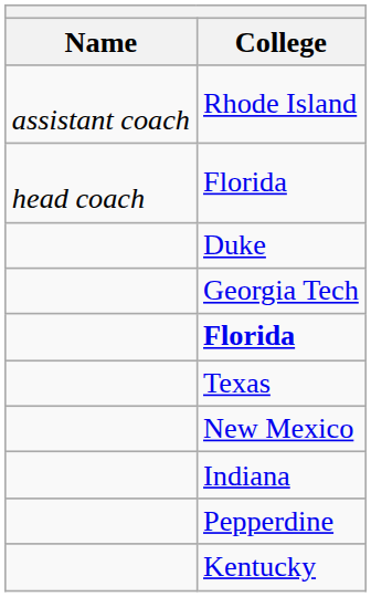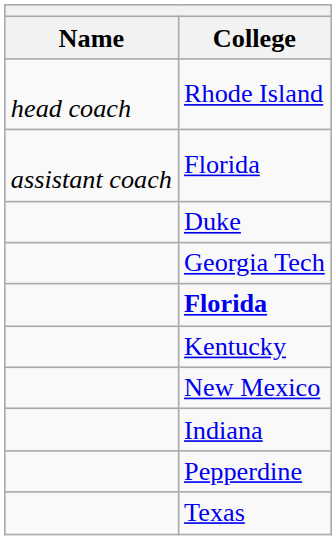 <table class="wikitable sortable">
 <tr>
 <th colspan=2></th>
 </tr>
 <tr>
 <th>Name</th>
 <th>College</th>
 </tr>
 <tr>
-<td><br><em>assistant coach</em></td>
+<td><br><em>head coach</em></td>
 <td><a href='#'>Rhode Island</a></td>
 </tr>
 <tr>
-<td><br><em>head coach</em></td>
+<td><br><em>assistant coach</em></td>
 <td><a href='#'>Florida</a></td>
 </tr>
 <tr>
 <td></td>
 <td><a href='#'>Duke</a></td>
 </tr>
 <tr>
 <td></td>
 <td><a href='#'>Georgia Tech</a></td>
 </tr>
 <tr>
 <td></td>
 <td><strong><a href='#'>Florida</a></strong></td>
 </tr>
 <tr>
 <td></td>
-<td><a href='#'>Texas</a></td>
+<td><a href='#'>Kentucky</a></td>
 </tr>
 <tr>
 <td></td>
 <td><a href='#'>New Mexico</a></td>
 </tr>
 <tr>
 <td></td>
 <td><a href='#'>Indiana</a></td>
 </tr>
 <tr>
 <td></td>
 <td><a href='#'>Pepperdine</a></td>
 </tr>
 <tr>
 <td></td>
-<td><a href='#'>Kentucky</a></td>
+<td><a href='#'>Texas</a></td>
 </tr>
 </table>
